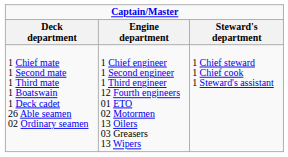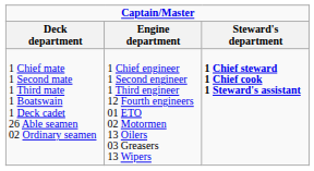 <table class="wikitable" style="float:right;width:300px;font-size:8pt; margin-left:15px">
 <tr>
 <td colspan="3" align="center"><strong><a href='#'>Captain/Master</a></strong></td>
 </tr>
 <tr>
 <th>Deck<br>department</th>
 <th>Engine<br>department</th>
 <th>Steward's<br>department</th>
 </tr>
 <tr valign="top">
 <td><br>1 <a href='#'>Chief mate</a><br> 1 <a href='#'>Second mate</a><br> 1 <a href='#'>Third mate</a><br> 1 <a href='#'>Boatswain</a><br> 1 <a href='#'>Deck cadet</a><br> 26 <a href='#'>Able seamen</a><br> 02 <a href='#'>Ordinary seamen</a></td>
 <td><br>1 <a href='#'>Chief engineer</a><br> 1 <a href='#'>Second engineer</a><br> 1 <a href='#'>Third engineer</a><br> 12 <a href='#'>Fourth engineers</a><br> 01 <a href='#'>ETO</a><br> 02 <a href='#'>Motormen</a><br> 13 <a href='#'>Oilers</a><br> 03 Greasers<br> 13 <a href='#'>Wipers</a></td>
-<td><br>1 <a href='#'>Chief steward</a><br> 1 <a href='#'>Chief cook</a> <br> 1 <a href='#'>Steward's assistant</a></td>
+<td><strong><br>1 <a href='#'>Chief steward</a><br> 1 <a href='#'>Chief cook</a> <br> 1 <a href='#'>Steward's assistant</a></strong></td>
 </tr>
 </table>
